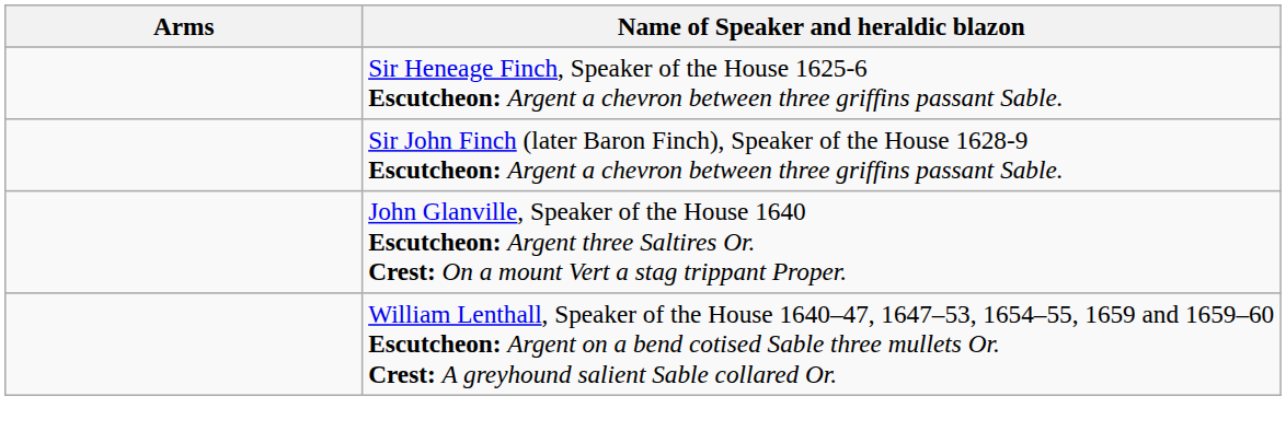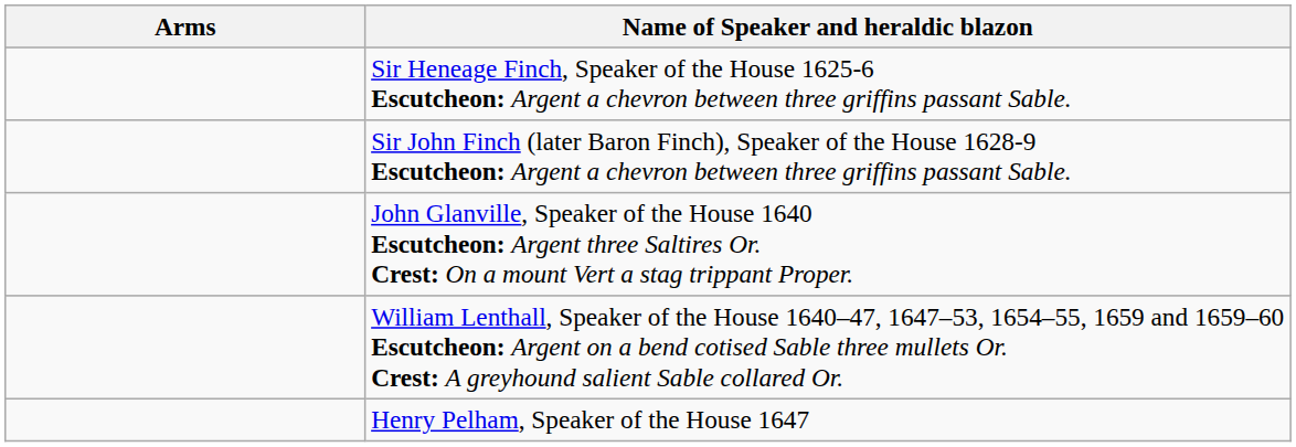 <table class=wikitable style=font-size:95%>
 <tr style="vertical-align:top; text-align:center;">
 <th style="width:206px;">Arms</th>
 <th>Name of Speaker and heraldic blazon</th>
 </tr>
 <tr valign=top>
 <td align=center></td>
 <td><a href='#'>Sir Heneage Finch</a>, Speaker of the House 1625-6<br><strong>Escutcheon:</strong> <em>Argent a chevron between three griffins passant Sable.</em></td>
 </tr>
 <tr valign=top>
 <td align=center></td>
 <td><a href='#'>Sir John Finch</a> (later Baron Finch), Speaker of the House 1628-9<br><strong>Escutcheon:</strong> <em>Argent a chevron between three griffins passant Sable.</em></td>
 </tr>
 <tr valign=top>
 <td align=center></td>
 <td><a href='#'>John Glanville</a>, Speaker of the House 1640<br><strong>Escutcheon:</strong> <em>Argent three Saltires Or.</em><br> <strong>Crest:</strong> <em>On a mount Vert a stag trippant Proper.</em></td>
 </tr>
 <tr valign=top>
 <td align=center></td>
 <td><a href='#'>William Lenthall</a>, Speaker of the House 1640–47, 1647–53, 1654–55, 1659 and 1659–60<br><strong>Escutcheon:</strong> <em>Argent on a bend cotised Sable three mullets Or.</em><br> <strong>Crest:</strong> <em>A greyhound salient Sable collared Or.</em></td>
 </tr>
+<tr valign=top>
+<td align=center></td>
+<td><a href='#'>Henry Pelham</a>, Speaker of the House 1647</td>
+</tr>
 </table>
